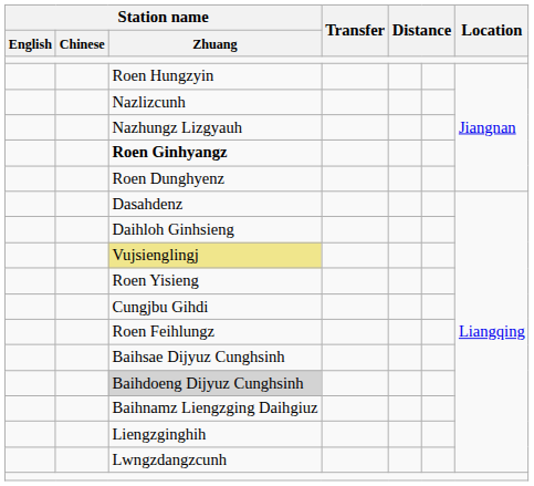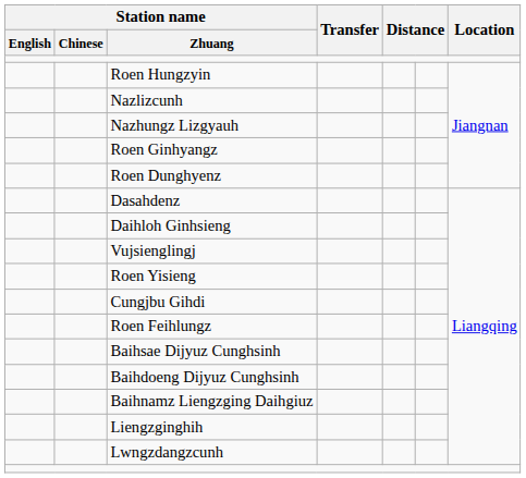 <table class="wikitable">
 <tr>
 <th colspan=3>Station name</th>
 <th rowspan=2>Transfer</th>
 <th colspan="2" rowspan="2">Distance<br></th>
 <th rowspan=2>Location</th>
 </tr>
 <tr>
 <th><small>English</small></th>
 <th><small>Chinese</small></th>
 <th><small>Zhuang</small></th>
 </tr>
 <tr style="background:#">
 <td colspan = "7"></td>
 </tr>
 <tr>
 <td></td>
 <td></td>
 <td>Roen Hungzyin</td>
 <td></td>
 <td></td>
 <td></td>
 <td rowspan="5"><a href='#'>Jiangnan</a></td>
 </tr>
 <tr>
 <td></td>
 <td></td>
 <td>Nazlizcunh</td>
 <td></td>
 <td></td>
 <td></td>
 </tr>
 <tr>
 <td></td>
 <td></td>
 <td>Nazhungz Lizgyauh</td>
 <td></td>
 <td></td>
 <td></td>
 </tr>
 <tr>
 <td></td>
 <td></td>
-<td><strong>Roen Ginhyangz</strong></td>
+<td>Roen Ginhyangz</td>
 <td></td>
 <td></td>
 <td></td>
 </tr>
 <tr>
 <td></td>
 <td></td>
 <td>Roen Dunghyenz</td>
 <td></td>
 <td></td>
 <td></td>
 </tr>
 <tr>
 <td></td>
 <td></td>
 <td>Dasahdenz</td>
 <td></td>
 <td></td>
 <td></td>
 <td rowspan="11"><a href='#'>Liangqing</a></td>
 </tr>
 <tr>
 <td></td>
 <td></td>
 <td>Daihloh Ginhsieng</td>
 <td></td>
 <td></td>
 <td></td>
 </tr>
 <tr>
 <td></td>
 <td></td>
-<td style="background: khaki;">Vujsienglingj</td>
+<td>Vujsienglingj</td>
 <td></td>
 <td></td>
 <td></td>
 </tr>
 <tr>
 <td></td>
 <td></td>
 <td>Roen Yisieng</td>
 <td></td>
 <td></td>
 <td></td>
 </tr>
 <tr>
 <td></td>
 <td></td>
 <td>Cungjbu Gihdi</td>
 <td></td>
 <td></td>
 <td></td>
 </tr>
 <tr>
 <td></td>
 <td></td>
 <td>Roen Feihlungz</td>
 <td></td>
 <td></td>
 <td></td>
 </tr>
 <tr>
 <td></td>
 <td></td>
 <td>Baihsae Dijyuz Cunghsinh</td>
 <td></td>
 <td></td>
 <td></td>
 </tr>
 <tr>
 <td></td>
 <td></td>
-<td style="background: lightgrey;">Baihdoeng Dijyuz Cunghsinh</td>
+<td>Baihdoeng Dijyuz Cunghsinh</td>
 <td></td>
 <td></td>
 <td></td>
 </tr>
 <tr>
 <td></td>
 <td></td>
 <td>Baihnamz Liengzging Daihgiuz</td>
 <td></td>
 <td></td>
 <td></td>
 </tr>
 <tr>
 <td></td>
 <td></td>
 <td>Liengzginghih</td>
 <td></td>
 <td></td>
 <td></td>
 </tr>
 <tr>
 <td></td>
 <td></td>
 <td>Lwngzdangzcunh</td>
 <td></td>
 <td></td>
 <td></td>
 </tr>
 <tr style="background:#">
 <td colspan = "7"></td>
 </tr>
 </table>
